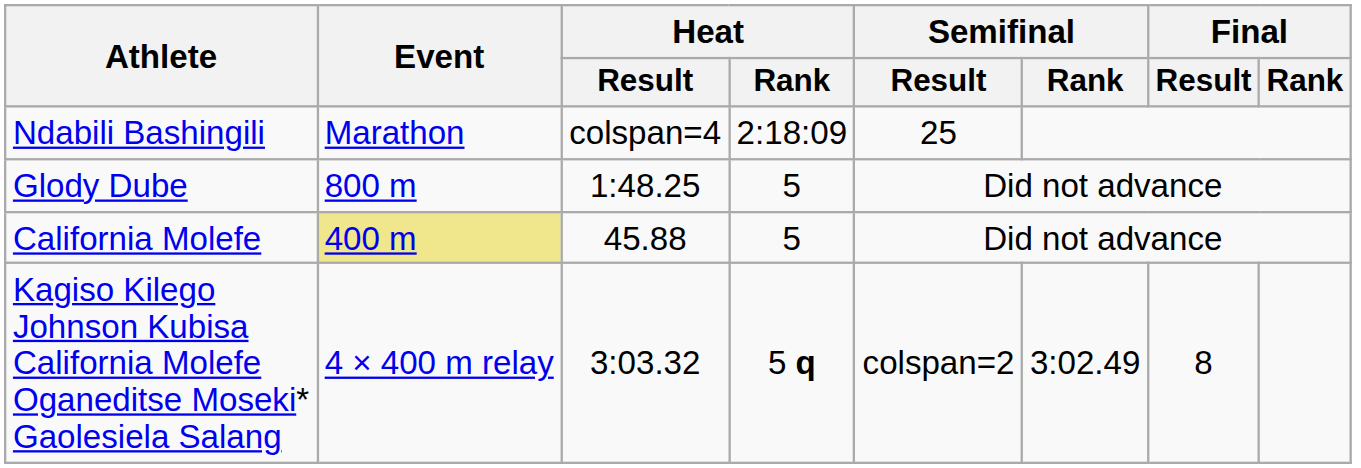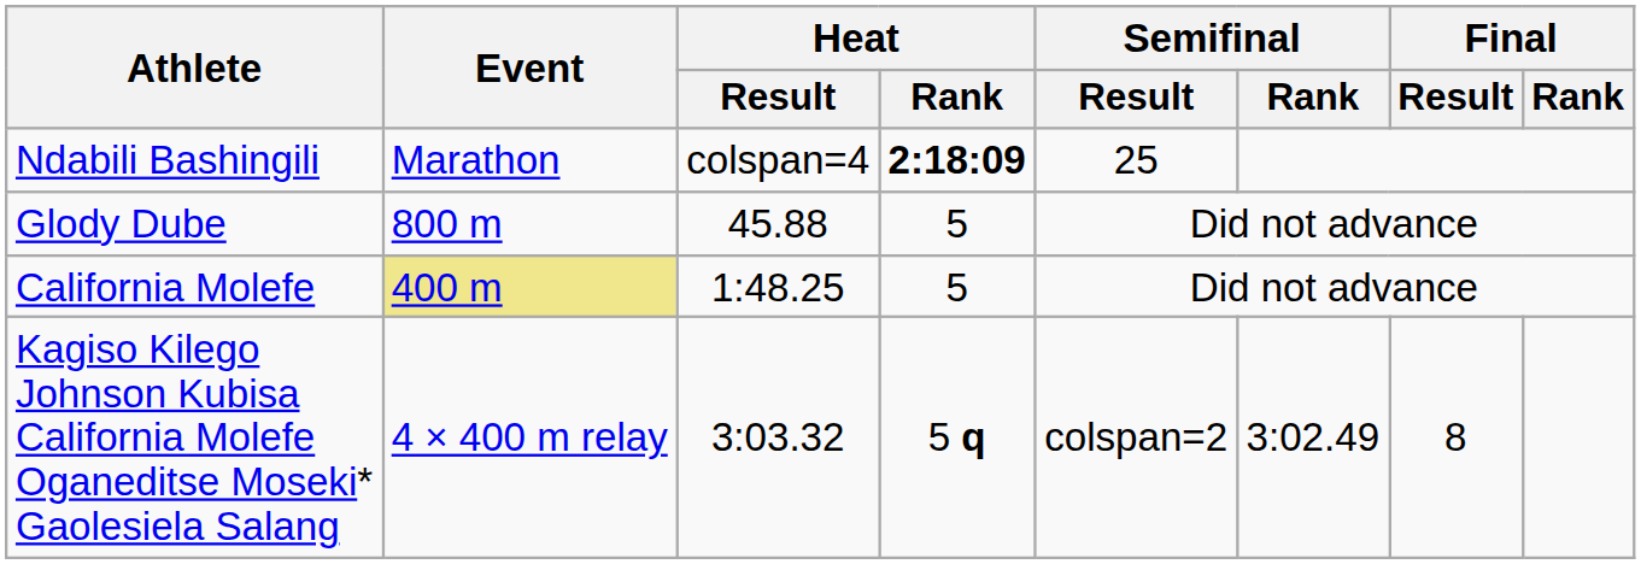 <table class=wikitable style="font-size:90%">
 <tr>
 <th rowspan="2">Athlete</th>
 <th rowspan="2">Event</th>
 <th colspan="2">Heat</th>
 <th colspan="2">Semifinal</th>
 <th colspan="2">Final</th>
 </tr>
 <tr style="font-size:95%">
 <th>Result</th>
 <th>Rank</th>
 <th>Result</th>
 <th>Rank</th>
 <th>Result</th>
 <th>Rank</th>
 </tr>
 <tr align=center>
 <td align=left><a href='#'>Ndabili Bashingili</a></td>
 <td align=left><a href='#'>Marathon</a></td>
 <td>colspan=4 </td>
-<td>2:18:09</td>
+<td><strong>2:18:09</strong></td>
 <td>25</td>
 </tr>
 <tr align=center>
 <td align=left><a href='#'>Glody Dube</a></td>
 <td align=left><a href='#'>800 m</a></td>
-<td>1:48.25</td>
+<td>45.88</td>
 <td>5</td>
 <td colspan=4>Did not advance</td>
 </tr>
 <tr align=center>
 <td align=left><a href='#'>California Molefe</a></td>
 <td align=left style="background: khaki;"><a href='#'>400 m</a></td>
-<td>45.88</td>
+<td>1:48.25</td>
 <td>5</td>
 <td colspan=4>Did not advance</td>
 </tr>
 <tr align=center>
 <td align=left><a href='#'>Kagiso Kilego</a><br><a href='#'>Johnson Kubisa</a><br><a href='#'>California Molefe</a><br><a href='#'>Oganeditse Moseki</a>*<br><a href='#'>Gaolesiela Salang</a></td>
 <td align=left><a href='#'>4 × 400 m relay</a></td>
 <td>3:03.32</td>
 <td>5 <strong>q</strong></td>
 <td>colspan=2 </td>
 <td>3:02.49</td>
 <td>8</td>
 </tr>
 </table>
